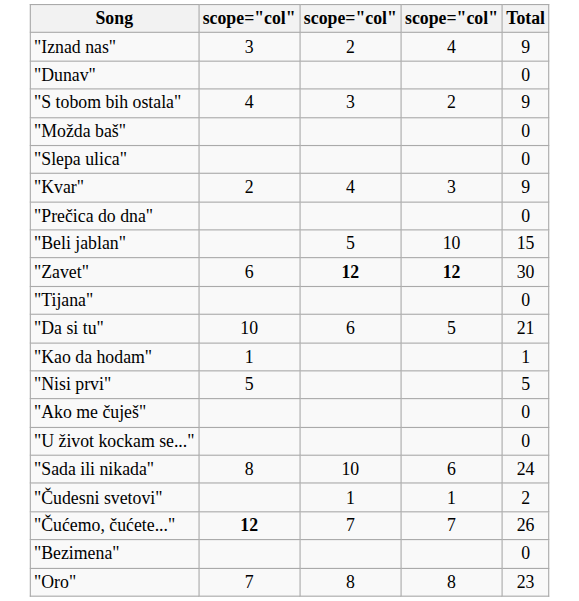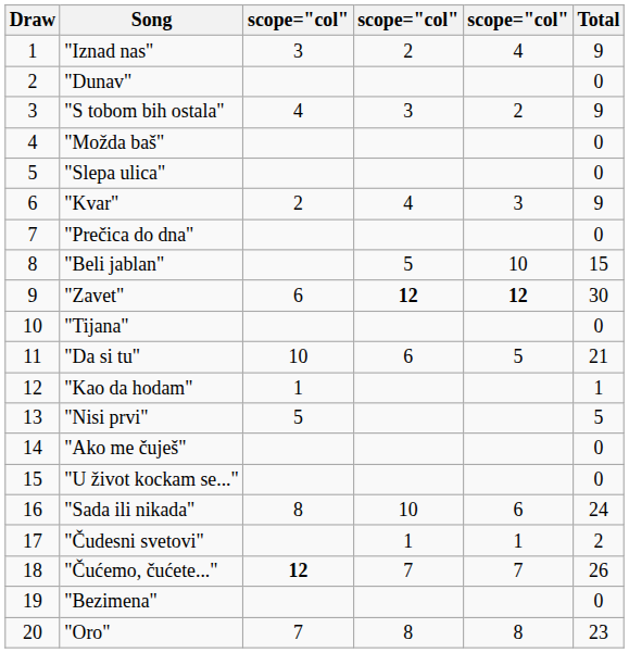 <table class="wikitable collapsible" style="margin: 1em auto 1em auto; text-align:center;">
 <tr>
+<th>Draw</th>
 <th>Song</th>
 <th>scope="col" </th>
 <th>scope="col" </th>
 <th>scope="col" </th>
 <th>Total</th>
 </tr>
 <tr>
+<td>1</td>
 <td align="left">"Iznad nas"</td>
 <td>3</td>
 <td>2</td>
 <td>4</td>
 <td>9</td>
 </tr>
 <tr>
+<td>2</td>
 <td align="left">"Dunav"</td>
 <td></td>
 <td></td>
 <td></td>
 <td>0</td>
 </tr>
 <tr>
+<td>3</td>
 <td align="left">"S tobom bih ostala"</td>
 <td>4</td>
 <td>3</td>
 <td>2</td>
 <td>9</td>
 </tr>
 <tr>
+<td>4</td>
 <td align="left">"Možda baš"</td>
 <td></td>
 <td></td>
 <td></td>
 <td>0</td>
 </tr>
 <tr>
+<td>5</td>
 <td align="left">"Slepa ulica"</td>
 <td></td>
 <td></td>
 <td></td>
 <td>0</td>
 </tr>
 <tr>
+<td>6</td>
 <td align="left">"Kvar"</td>
 <td>2</td>
 <td>4</td>
 <td>3</td>
 <td>9</td>
 </tr>
 <tr>
+<td>7</td>
 <td align="left">"Prečica do dna"</td>
 <td></td>
 <td></td>
 <td></td>
 <td>0</td>
 </tr>
 <tr>
+<td>8</td>
 <td align="left">"Beli jablan"</td>
 <td></td>
 <td>5</td>
 <td>10</td>
 <td>15</td>
 </tr>
 <tr>
+<td>9</td>
 <td align="left">"Zavet"</td>
 <td>6</td>
 <td><strong>12</strong></td>
 <td><strong>12</strong></td>
 <td>30</td>
 </tr>
 <tr>
+<td>10</td>
 <td align="left">"Tijana"</td>
 <td></td>
 <td></td>
 <td></td>
 <td>0</td>
 </tr>
 <tr>
+<td>11</td>
 <td align="left">"Da si tu"</td>
 <td>10</td>
 <td>6</td>
 <td>5</td>
 <td>21</td>
 </tr>
 <tr>
+<td>12</td>
 <td align="left">"Kao da hodam"</td>
 <td>1</td>
 <td></td>
 <td></td>
 <td>1</td>
 </tr>
 <tr>
+<td>13</td>
 <td align="left">"Nisi prvi"</td>
 <td>5</td>
 <td></td>
 <td></td>
 <td>5</td>
 </tr>
 <tr>
+<td>14</td>
 <td align="left">"Ako me čuješ"</td>
 <td></td>
 <td></td>
 <td></td>
 <td>0</td>
 </tr>
 <tr>
+<td>15</td>
 <td align="left">"U život kockam se..."</td>
 <td></td>
 <td></td>
 <td></td>
 <td>0</td>
 </tr>
 <tr>
+<td>16</td>
 <td align="left">"Sada ili nikada"</td>
 <td>8</td>
 <td>10</td>
 <td>6</td>
 <td>24</td>
 </tr>
 <tr>
+<td>17</td>
 <td align="left">"Čudesni svetovi"</td>
 <td></td>
 <td>1</td>
 <td>1</td>
 <td>2</td>
 </tr>
 <tr>
+<td>18</td>
 <td align="left">"Čućemo, čućete..."</td>
 <td><strong>12</strong></td>
 <td>7</td>
 <td>7</td>
 <td>26</td>
 </tr>
 <tr>
+<td>19</td>
 <td align="left">"Bezimena"</td>
 <td></td>
 <td></td>
 <td></td>
 <td>0</td>
 </tr>
 <tr>
+<td>20</td>
 <td align="left">"Oro"</td>
 <td>7</td>
 <td>8</td>
 <td>8</td>
 <td>23</td>
 </tr>
 </table>
